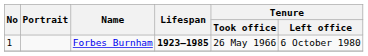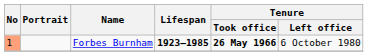 <table class="wikitable">
 <tr>
 <th scope="col" rowspan="2">No</th>
 <th scope="col" rowspan="2">Portrait</th>
 <th scope="col" rowspan="2">Name</th>
 <th scope="col" rowspan="2">Lifespan</th>
 <th scope="col" colspan="2">Tenure</th>
 </tr>
 <tr>
 <th scope="col">Took office</th>
 <th scope="col">Left office</th>
 </tr>
 <tr>
-<td>1</td>
+<td style="background: lightsalmon;">1</td>
 <td></td>
 <td><a href='#'>Forbes Burnham</a></td>
 <td><strong>1923–1985</strong></td>
-<td>26 May 1966</td>
+<td><strong>26 May 1966</strong></td>
 <td>6 October 1980</td>
 </tr>
 <tr>
 </tr>
 </table>
